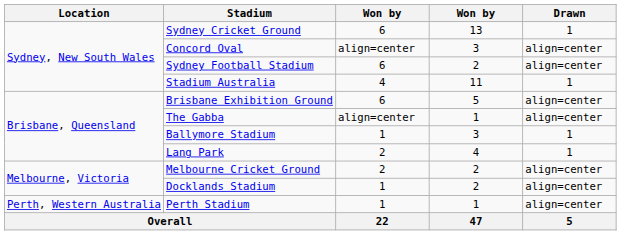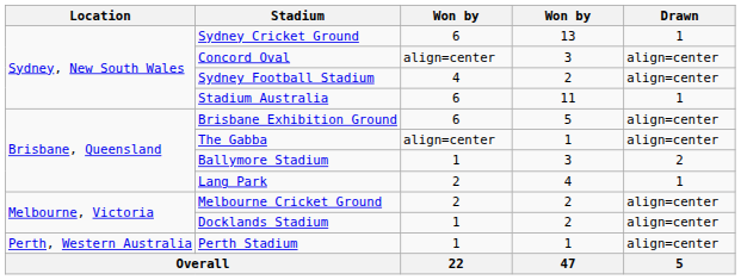 <table class="wikitable">
 <tr>
 <th>Location</th>
 <th>Stadium</th>
 <th width=108px>Won by </th>
 <th width=108px>Won by </th>
 <th width=108px>Drawn</th>
 </tr>
 <tr>
 <td rowspan=4><a href='#'>Sydney</a>, <a href='#'>New South Wales</a></td>
 <td><a href='#'>Sydney Cricket Ground</a></td>
 <td align=center>6</td>
 <td align=center>13</td>
 <td align=center>1</td>
 </tr>
 <tr>
 <td><a href='#'>Concord Oval</a></td>
 <td>align=center </td>
 <td align=center>3</td>
 <td>align=center </td>
 </tr>
 <tr>
 <td><a href='#'>Sydney Football Stadium</a></td>
-<td align=center>6</td>
+<td align=center>4</td>
 <td align=center>2</td>
 <td>align=center </td>
 </tr>
 <tr>
 <td><a href='#'>Stadium Australia</a></td>
-<td align=center>4</td>
+<td align=center>6</td>
 <td align=center>11</td>
 <td align=center>1</td>
 </tr>
 <tr>
 <td rowspan=4><a href='#'>Brisbane</a>, <a href='#'>Queensland</a></td>
 <td><a href='#'>Brisbane Exhibition Ground</a></td>
 <td align=center>6</td>
 <td align=center>5</td>
 <td>align=center </td>
 </tr>
 <tr>
 <td><a href='#'>The Gabba</a></td>
 <td>align=center </td>
 <td align=center>1</td>
 <td>align=center </td>
 </tr>
 <tr>
 <td><a href='#'>Ballymore Stadium</a></td>
 <td align=center>1</td>
 <td align=center>3</td>
-<td align=center>1</td>
+<td align=center>2</td>
 </tr>
 <tr>
 <td><a href='#'>Lang Park</a></td>
 <td align=center>2</td>
 <td align=center>4</td>
 <td align=center>1</td>
 </tr>
 <tr>
 <td rowspan=2><a href='#'>Melbourne</a>, <a href='#'>Victoria</a></td>
 <td><a href='#'>Melbourne Cricket Ground</a></td>
 <td align=center>2</td>
 <td align=center>2</td>
 <td>align=center </td>
 </tr>
 <tr>
 <td><a href='#'>Docklands Stadium</a></td>
 <td align=center>1</td>
 <td align=center>2</td>
 <td>align=center </td>
 </tr>
 <tr>
 <td><a href='#'>Perth</a>, <a href='#'>Western Australia</a></td>
 <td><a href='#'>Perth Stadium</a></td>
 <td align=center>1</td>
 <td align=center>1</td>
 <td>align=center </td>
 </tr>
 <tr>
 <th colspan=2>Overall</th>
 <th align=center>22</th>
 <th align=center>47</th>
 <th align=center>5</th>
 </tr>
 </table>
